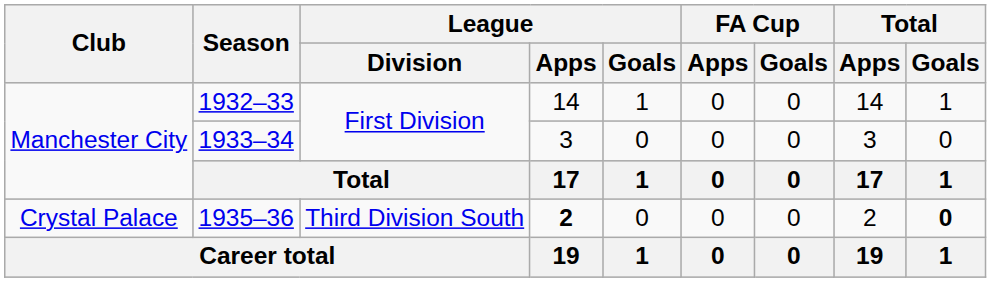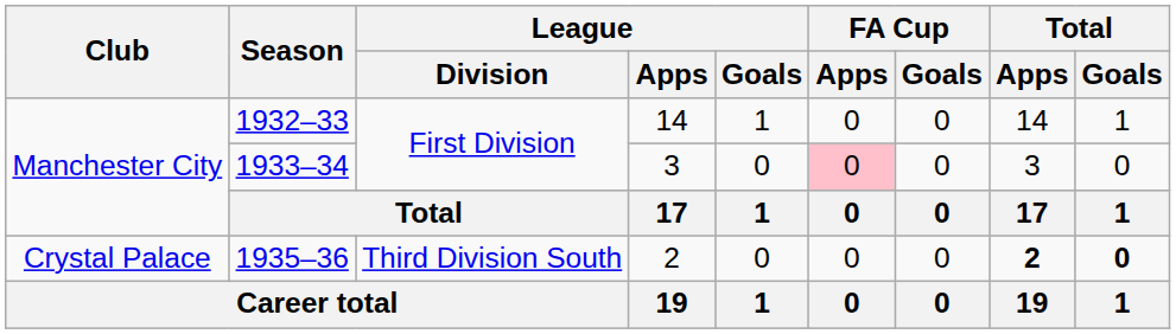 <table class="wikitable" style="text-align: center;">
 <tr>
 <th rowspan="2">Club</th>
 <th rowspan="2">Season</th>
 <th colspan="3">League</th>
 <th colspan="2">FA Cup</th>
 <th colspan="2">Total</th>
 </tr>
 <tr>
 <th>Division</th>
 <th>Apps</th>
 <th>Goals</th>
 <th>Apps</th>
 <th>Goals</th>
 <th>Apps</th>
 <th>Goals</th>
 </tr>
 <tr>
 <td rowspan="3"><a href='#'>Manchester City</a></td>
 <td><a href='#'>1932–33</a></td>
 <td rowspan="2"><a href='#'>First Division</a></td>
 <td>14</td>
 <td>1</td>
 <td>0</td>
 <td>0</td>
 <td>14</td>
 <td>1</td>
 </tr>
 <tr>
 <td><a href='#'>1933–34</a></td>
 <td>3</td>
 <td>0</td>
-<td>0</td>
+<td style="background: pink;">0</td>
 <td>0</td>
 <td>3</td>
 <td>0</td>
 </tr>
 <tr>
 <th colspan="2">Total</th>
 <th>17</th>
 <th>1</th>
 <th>0</th>
 <th>0</th>
 <th>17</th>
 <th>1</th>
 </tr>
 <tr>
 <td><a href='#'>Crystal Palace</a></td>
 <td><a href='#'>1935–36</a></td>
 <td><a href='#'>Third Division South</a></td>
-<td><strong>2</strong></td>
+<td>2</td>
 <td>0</td>
 <td>0</td>
 <td>0</td>
-<td>2</td>
+<td><strong>2</strong></td>
 <td><strong>0</strong></td>
 </tr>
 <tr>
 <th colspan="3">Career total</th>
 <th>19</th>
 <th>1</th>
 <th>0</th>
 <th>0</th>
 <th>19</th>
 <th>1</th>
 </tr>
 </table>
